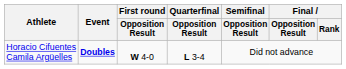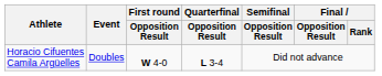 <table class=wikitable style=font-size:90%;text-align:center>
 <tr>
 <th rowspan=2>Athlete</th>
 <th rowspan=2>Event</th>
 <th>First round</th>
 <th>Quarterfinal</th>
 <th>Semifinal</th>
 <th colspan=2>Final / </th>
 </tr>
 <tr style=font-size:95%>
 <th>Opposition<br>Result</th>
 <th>Opposition<br>Result</th>
 <th>Opposition<br>Result</th>
 <th>Opposition<br>Result</th>
 <th>Rank</th>
 </tr>
 <tr>
 <td align=left><a href='#'>Horacio Cifuentes</a><br><a href='#'>Camila Argüelles</a></td>
-<td align=left><strong><a href='#'>Doubles</a></strong></td>
+<td align=left><a href='#'>Doubles</a></td>
 <td><br><strong>W</strong> 4-0</td>
 <td><br><strong>L</strong> 3-4</td>
 <td colspan=3>Did not advance</td>
 </tr>
 </table>
